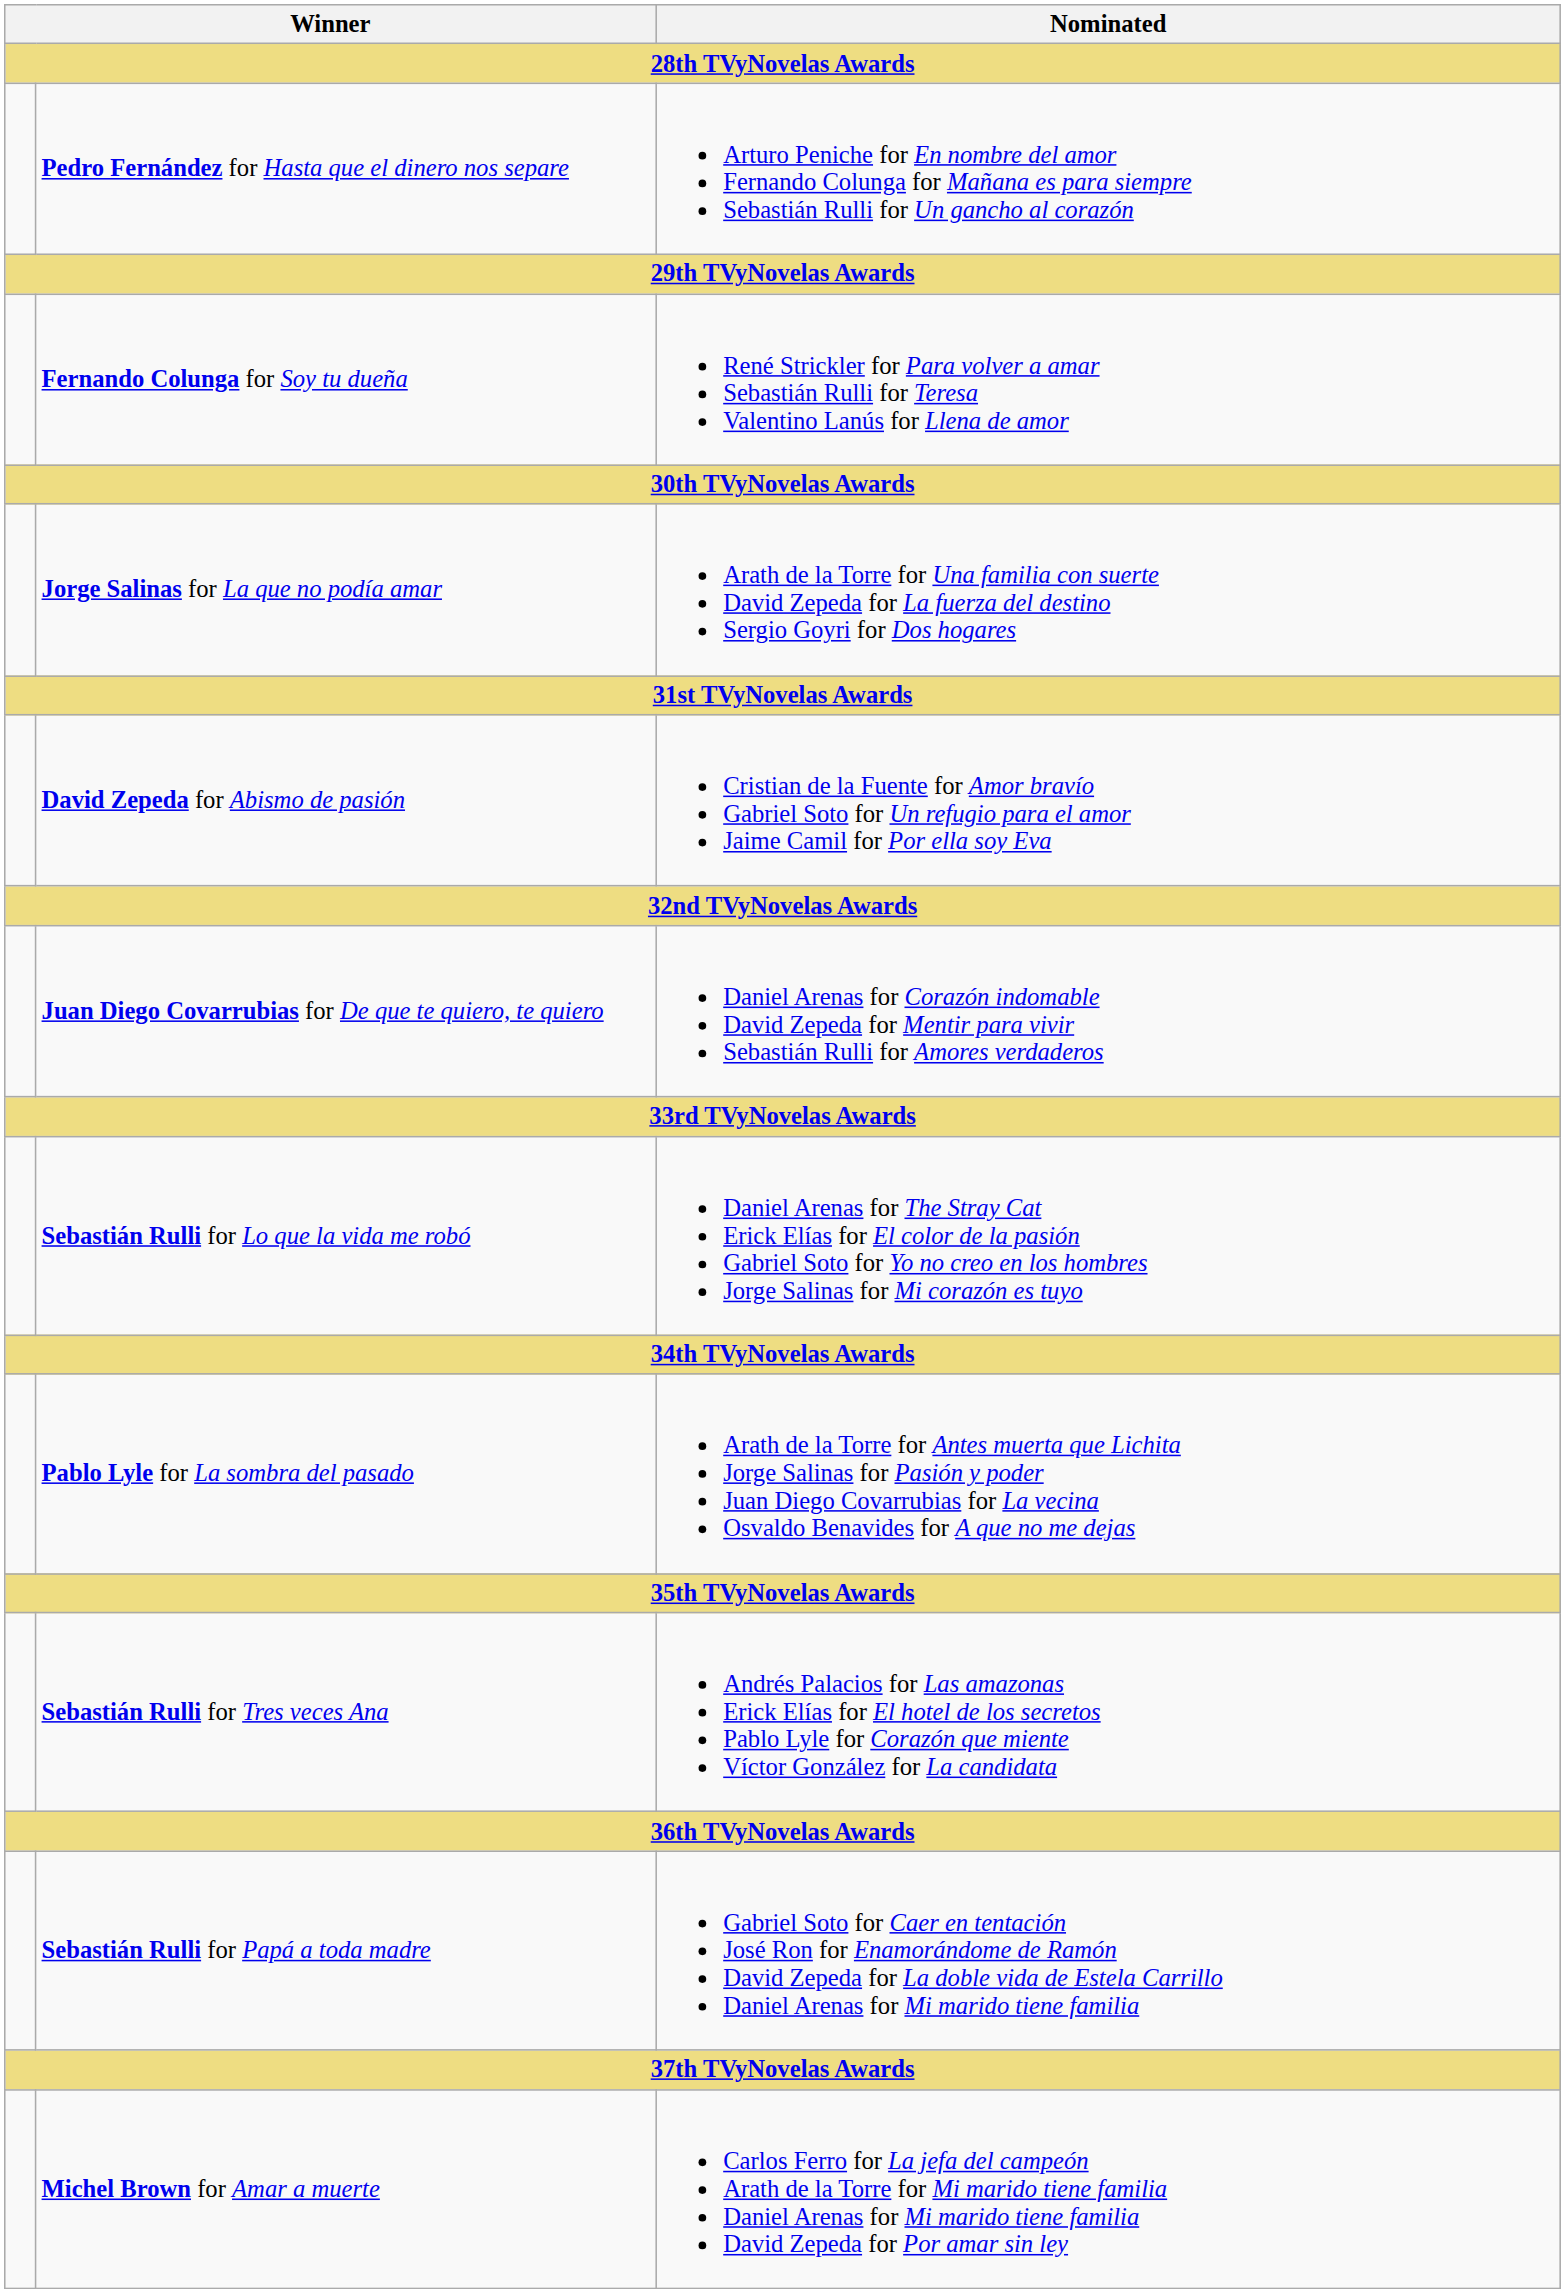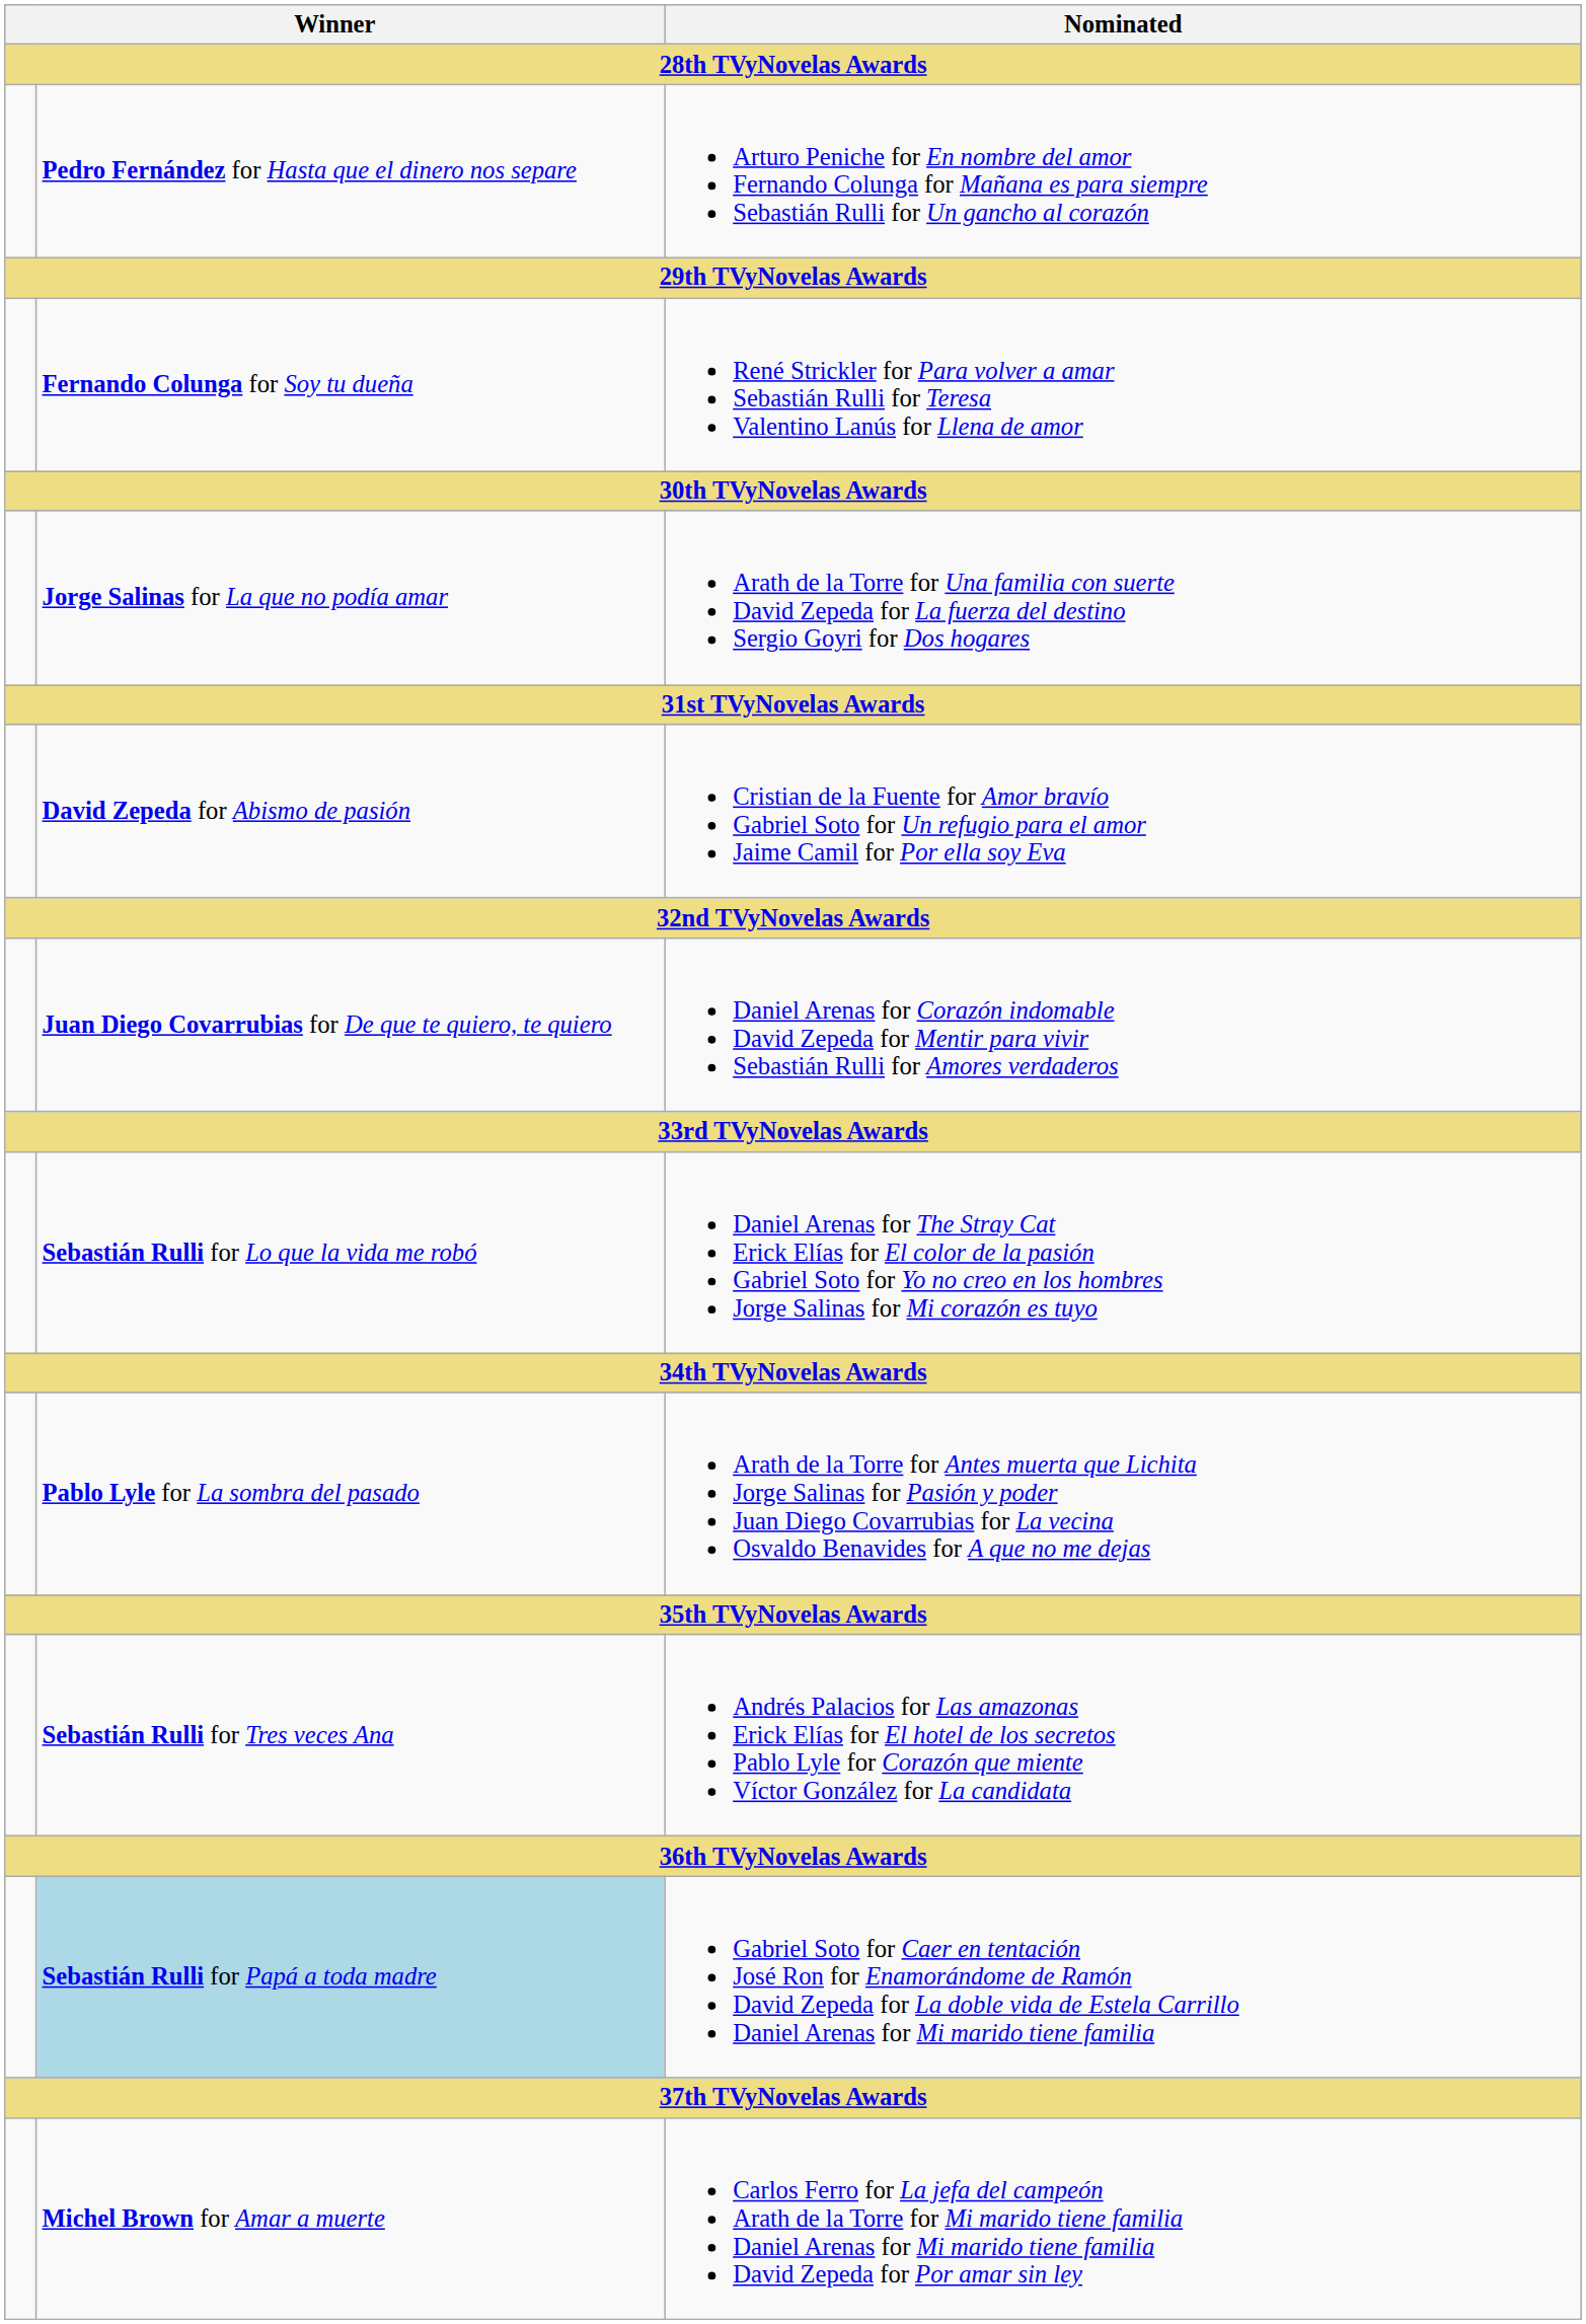 <table class="wikitable" width=80%>
 <tr align=center>
 <th width="150px;" colspan=2; align="center">Winner</th>
 <th width="580px;" align="center">Nominated</th>
 </tr>
 <tr>
 <th colspan=9 style="background:#EEDD82;"  align="center"><strong><a href='#'>28th TVyNovelas Awards</a></strong></th>
 </tr>
 <tr>
 <td width=2%></td>
 <td><strong><a href='#'>Pedro Fernández</a></strong> for <em><a href='#'>Hasta que el dinero nos separe</a></em></td>
 <td><br><ul><li><a href='#'>Arturo Peniche</a> for <em><a href='#'>En nombre del amor</a></em></li><li><a href='#'>Fernando Colunga</a>  for <em><a href='#'>Mañana es para siempre</a></em></li><li><a href='#'>Sebastián Rulli</a>  for <em><a href='#'>Un gancho al corazón</a></em></li></ul></td>
 </tr>
 <tr>
 <th colspan=9 style="background:#EEDD82;"  align="center"><strong><a href='#'>29th TVyNovelas Awards</a></strong></th>
 </tr>
 <tr>
 <td width=2%></td>
 <td><strong><a href='#'>Fernando Colunga</a></strong> for <em><a href='#'>Soy tu dueña</a></em></td>
 <td><br><ul><li><a href='#'>René Strickler</a> for <em><a href='#'>Para volver a amar</a></em></li><li><a href='#'>Sebastián Rulli</a>  for <em><a href='#'>Teresa</a></em></li><li><a href='#'>Valentino Lanús</a>  for <em><a href='#'>Llena de amor</a></em></li></ul></td>
 </tr>
 <tr>
 <th colspan=9 style="background:#EEDD82;"  align="center"><strong><a href='#'>30th TVyNovelas Awards</a></strong></th>
 </tr>
 <tr>
 <td width=2%></td>
 <td><strong><a href='#'>Jorge Salinas</a></strong> for <em><a href='#'>La que no podía amar</a></em></td>
 <td><br><ul><li><a href='#'>Arath de la Torre</a> for <em><a href='#'>Una familia con suerte</a></em></li><li><a href='#'>David Zepeda</a>  for <em><a href='#'>La fuerza del destino</a></em></li><li><a href='#'>Sergio Goyri</a>  for <em><a href='#'>Dos hogares</a></em></li></ul></td>
 </tr>
 <tr>
 <th colspan=9 style="background:#EEDD82;"  align="center"><strong><a href='#'>31st TVyNovelas Awards</a></strong></th>
 </tr>
 <tr>
 <td width=2%></td>
 <td><strong><a href='#'>David Zepeda</a></strong> for <em><a href='#'>Abismo de pasión</a></em></td>
 <td><br><ul><li><a href='#'>Cristian de la Fuente</a> for <em><a href='#'>Amor bravío</a></em></li><li><a href='#'>Gabriel Soto</a>  for <em><a href='#'>Un refugio para el amor</a></em></li><li><a href='#'>Jaime Camil</a>  for <em><a href='#'>Por ella soy Eva</a></em></li></ul></td>
 </tr>
 <tr>
 <th colspan=9 style="background:#EEDD82;"  align="center"><strong><a href='#'>32nd TVyNovelas Awards</a></strong></th>
 </tr>
 <tr>
 <td width=2%></td>
 <td><strong><a href='#'>Juan Diego Covarrubias</a></strong> for <em><a href='#'>De que te quiero, te quiero</a></em></td>
 <td><br><ul><li><a href='#'>Daniel Arenas</a> for <em><a href='#'>Corazón indomable</a></em></li><li><a href='#'>David Zepeda</a>  for <em><a href='#'>Mentir para vivir</a></em></li><li><a href='#'>Sebastián Rulli</a>  for <em><a href='#'>Amores verdaderos</a></em></li></ul></td>
 </tr>
 <tr>
 <th colspan=9 style="background:#EEDD82;"  align="center"><strong><a href='#'>33rd TVyNovelas Awards</a></strong></th>
 </tr>
 <tr>
 <td width=2%></td>
 <td><strong><a href='#'>Sebastián Rulli</a></strong> for <em><a href='#'>Lo que la vida me robó</a></em></td>
 <td><br><ul><li><a href='#'>Daniel Arenas</a> for <em><a href='#'>The Stray Cat</a></em></li><li><a href='#'>Erick Elías</a>  for <em><a href='#'>El color de la pasión</a></em></li><li><a href='#'>Gabriel Soto</a>  for <em><a href='#'>Yo no creo en los hombres</a></em></li><li><a href='#'>Jorge Salinas</a>  for <em><a href='#'>Mi corazón es tuyo</a></em></li></ul></td>
 </tr>
 <tr>
 <th colspan=9 style="background:#EEDD82;"  align="center"><strong><a href='#'>34th TVyNovelas Awards</a></strong></th>
 </tr>
 <tr>
 <td width=2%></td>
 <td><strong><a href='#'>Pablo Lyle</a></strong> for <em><a href='#'>La sombra del pasado</a></em></td>
 <td><br><ul><li><a href='#'>Arath de la Torre</a> for <em><a href='#'>Antes muerta que Lichita</a></em></li><li><a href='#'>Jorge Salinas</a>  for <em><a href='#'>Pasión y poder</a></em></li><li><a href='#'>Juan Diego Covarrubias</a>  for <em><a href='#'>La vecina</a></em></li><li><a href='#'>Osvaldo Benavides</a>  for <em><a href='#'>A que no me dejas</a></em></li></ul></td>
 </tr>
 <tr>
 <th colspan=9 style="background:#EEDD82;"  align="center"><strong><a href='#'>35th TVyNovelas Awards</a></strong></th>
 </tr>
 <tr>
 <td width=2%></td>
 <td><strong><a href='#'>Sebastián Rulli</a></strong> for <em><a href='#'>Tres veces Ana</a></em></td>
 <td><br><ul><li><a href='#'>Andrés Palacios</a> for <em><a href='#'>Las amazonas</a></em></li><li><a href='#'>Erick Elías</a>  for <em><a href='#'>El hotel de los secretos</a></em></li><li><a href='#'>Pablo Lyle</a>  for <em><a href='#'>Corazón que miente</a></em></li><li><a href='#'>Víctor González</a>  for <em><a href='#'>La candidata</a></em></li></ul></td>
 </tr>
 <tr>
 <th colspan=9 style="background:#EEDD82;"  align="center"><strong><a href='#'>36th TVyNovelas Awards</a></strong></th>
 </tr>
 <tr>
 <td width=2%></td>
-<td><strong><a href='#'>Sebastián Rulli</a></strong> for <em><a href='#'>Papá a toda madre</a></em></td>
+<td style="background: lightblue;"><strong><a href='#'>Sebastián Rulli</a></strong> for <em><a href='#'>Papá a toda madre</a></em></td>
 <td><br><ul><li><a href='#'>Gabriel Soto</a> for <em><a href='#'>Caer en tentación</a></em></li><li><a href='#'>José Ron</a> for <em><a href='#'>Enamorándome de Ramón</a></em></li><li><a href='#'>David Zepeda</a> for <em><a href='#'>La doble vida de Estela Carrillo</a></em></li><li><a href='#'>Daniel Arenas</a> for <em><a href='#'>Mi marido tiene familia</a></em></li></ul></td>
 </tr>
 <tr>
 <th colspan=9 style="background:#EEDD82;"  align="center"><strong><a href='#'>37th TVyNovelas Awards</a></strong></th>
 </tr>
 <tr>
 <td width=2%></td>
 <td><strong><a href='#'>Michel Brown</a></strong> for <em><a href='#'>Amar a muerte</a></em></td>
 <td><br><ul><li><a href='#'>Carlos Ferro</a> for <em><a href='#'>La jefa del campeón</a></em></li><li><a href='#'>Arath de la Torre</a> for <em><a href='#'>Mi marido tiene familia</a></em></li><li><a href='#'>Daniel Arenas</a> for <em><a href='#'>Mi marido tiene familia</a></em></li><li><a href='#'>David Zepeda</a> for <em><a href='#'>Por amar sin ley</a></em></li></ul></td>
 </tr>
 <tr>
 </tr>
 </table>
